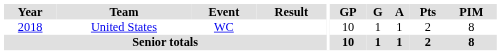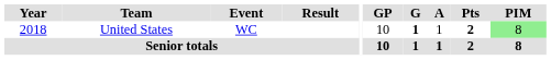 <table border="0" cellpadding="1" cellspacing="0" ID="Table3" style="text-align:center; width:40em">
 <tr ALIGN="center" bgcolor="#e0e0e0">
 <th>Year</th>
 <th>Team</th>
 <th>Event</th>
 <th>Result</th>
 <th rowspan="99" bgcolor="#ffffff"></th>
 <th>GP</th>
 <th>G</th>
 <th>A</th>
 <th>Pts</th>
 <th>PIM</th>
 </tr>
 <tr>
 <td><a href='#'>2018</a></td>
 <td><a href='#'>United States</a></td>
 <td><a href='#'>WC</a></td>
 <td></td>
 <td>10</td>
+<td><strong>1</strong></td>
 <td>1</td>
-<td>1</td>
-<td>2</td>
-<td>8</td>
+<td><strong>2</strong></td>
+<td style="background: lightgreen;">8</td>
 </tr>
 <tr bgcolor="#e0e0e0">
 <th colspan="4">Senior totals</th>
 <th>10</th>
 <th>1</th>
 <th>1</th>
 <th>2</th>
 <th>8</th>
 </tr>
 </table>
